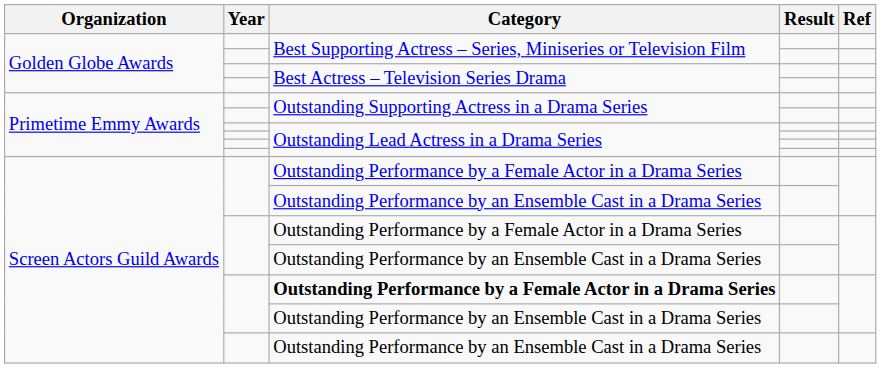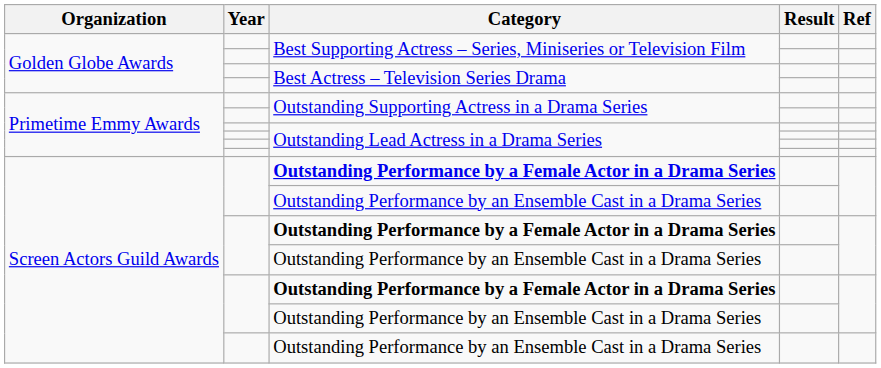 <table class="wikitable sortable">
 <tr>
 <th>Organization</th>
 <th>Year</th>
 <th>Category</th>
 <th>Result</th>
 <th>Ref</th>
 </tr>
 <tr>
 <td rowspan="4"><a href='#'>Golden Globe Awards</a></td>
 <td></td>
 <td rowspan="2"><a href='#'>Best Supporting Actress – Series, Miniseries or Television Film</a></td>
 <td></td>
 <td></td>
 </tr>
 <tr>
 <td></td>
 <td></td>
 <td></td>
 </tr>
 <tr>
 <td></td>
 <td rowspan="2"><a href='#'>Best Actress – Television Series Drama</a></td>
 <td></td>
 <td></td>
 </tr>
 <tr>
 <td></td>
 <td></td>
 <td></td>
 </tr>
 <tr>
 <td rowspan="6"><a href='#'>Primetime Emmy Awards</a></td>
 <td></td>
 <td rowspan="2"><a href='#'>Outstanding Supporting Actress in a Drama Series</a></td>
 <td></td>
 <td></td>
 </tr>
 <tr>
 <td></td>
 <td></td>
 <td></td>
 </tr>
 <tr>
 <td></td>
 <td rowspan="4"><a href='#'>Outstanding Lead Actress in a Drama Series</a></td>
 <td></td>
 <td></td>
 </tr>
 <tr>
 <td></td>
 <td></td>
 <td></td>
 </tr>
 <tr>
 <td></td>
 <td></td>
 <td></td>
 </tr>
 <tr>
 <td></td>
 <td></td>
 <td></td>
 </tr>
 <tr>
 <td rowspan="7"><a href='#'>Screen Actors Guild Awards</a></td>
 <td rowspan="2"></td>
-<td><a href='#'>Outstanding Performance by a Female Actor in a Drama Series</a></td>
+<td><strong><a href='#'>Outstanding Performance by a Female Actor in a Drama Series</a></strong></td>
 <td></td>
 <td rowspan="2"></td>
 </tr>
 <tr>
 <td><a href='#'>Outstanding Performance by an Ensemble Cast in a Drama Series</a></td>
 <td></td>
 </tr>
 <tr>
 <td rowspan="2"></td>
-<td>Outstanding Performance by a Female Actor in a Drama Series</td>
+<td><strong>Outstanding Performance by a Female Actor in a Drama Series</strong></td>
 <td></td>
 <td rowspan="2"></td>
 </tr>
 <tr>
 <td>Outstanding Performance by an Ensemble Cast in a Drama Series</td>
 <td></td>
 </tr>
 <tr>
 <td rowspan="2"></td>
 <td><strong>Outstanding Performance by a Female Actor in a Drama Series</strong></td>
 <td></td>
 <td rowspan="2"></td>
 </tr>
 <tr>
 <td>Outstanding Performance by an Ensemble Cast in a Drama Series</td>
 <td></td>
 </tr>
 <tr>
 <td></td>
 <td>Outstanding Performance by an Ensemble Cast in a Drama Series</td>
 <td></td>
 <td></td>
 </tr>
 </table>
